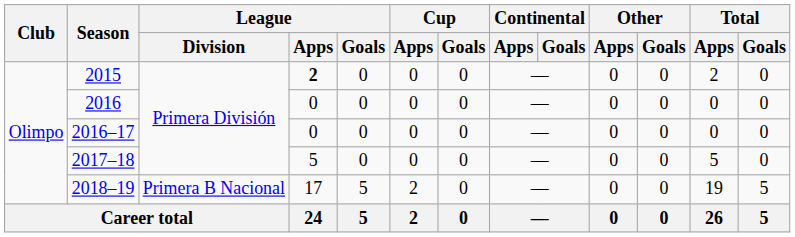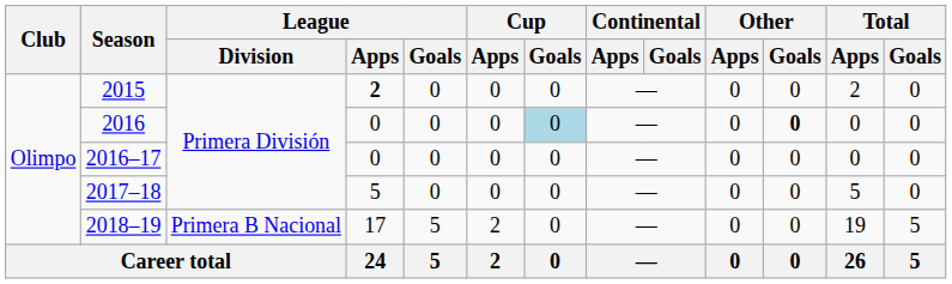 <table class="wikitable" style="text-align:center">
 <tr>
 <th rowspan="2">Club</th>
 <th rowspan="2">Season</th>
 <th colspan="3">League</th>
 <th colspan="2">Cup</th>
 <th colspan="2">Continental</th>
 <th colspan="2">Other</th>
 <th colspan="2">Total</th>
 </tr>
 <tr>
 <th>Division</th>
 <th>Apps</th>
 <th>Goals</th>
 <th>Apps</th>
 <th>Goals</th>
 <th>Apps</th>
 <th>Goals</th>
 <th>Apps</th>
 <th>Goals</th>
 <th>Apps</th>
 <th>Goals</th>
 </tr>
 <tr>
 <td rowspan="5"><a href='#'>Olimpo</a></td>
 <td><a href='#'>2015</a></td>
 <td rowspan="4"><a href='#'>Primera División</a></td>
 <td><strong>2</strong></td>
 <td>0</td>
 <td>0</td>
 <td>0</td>
 <td colspan="2">—</td>
 <td>0</td>
 <td>0</td>
 <td>2</td>
 <td>0</td>
 </tr>
 <tr>
 <td><a href='#'>2016</a></td>
 <td>0</td>
 <td>0</td>
 <td>0</td>
-<td>0</td>
+<td style="background: lightblue;">0</td>
 <td colspan="2">—</td>
 <td>0</td>
-<td>0</td>
+<td><strong>0</strong></td>
 <td>0</td>
 <td>0</td>
 </tr>
 <tr>
 <td><a href='#'>2016–17</a></td>
 <td>0</td>
 <td>0</td>
 <td>0</td>
 <td>0</td>
 <td colspan="2">—</td>
 <td>0</td>
 <td>0</td>
 <td>0</td>
 <td>0</td>
 </tr>
 <tr>
 <td><a href='#'>2017–18</a></td>
 <td>5</td>
 <td>0</td>
 <td>0</td>
 <td>0</td>
 <td colspan="2">—</td>
 <td>0</td>
 <td>0</td>
 <td>5</td>
 <td>0</td>
 </tr>
 <tr>
 <td><a href='#'>2018–19</a></td>
 <td rowspan="1"><a href='#'>Primera B Nacional</a></td>
 <td>17</td>
 <td>5</td>
 <td>2</td>
 <td>0</td>
 <td colspan="2">—</td>
 <td>0</td>
 <td>0</td>
 <td>19</td>
 <td>5</td>
 </tr>
 <tr>
 <th colspan="3">Career total</th>
 <th>24</th>
 <th>5</th>
 <th>2</th>
 <th>0</th>
 <th colspan="2">—</th>
 <th>0</th>
 <th>0</th>
 <th>26</th>
 <th>5</th>
 </tr>
 </table>
